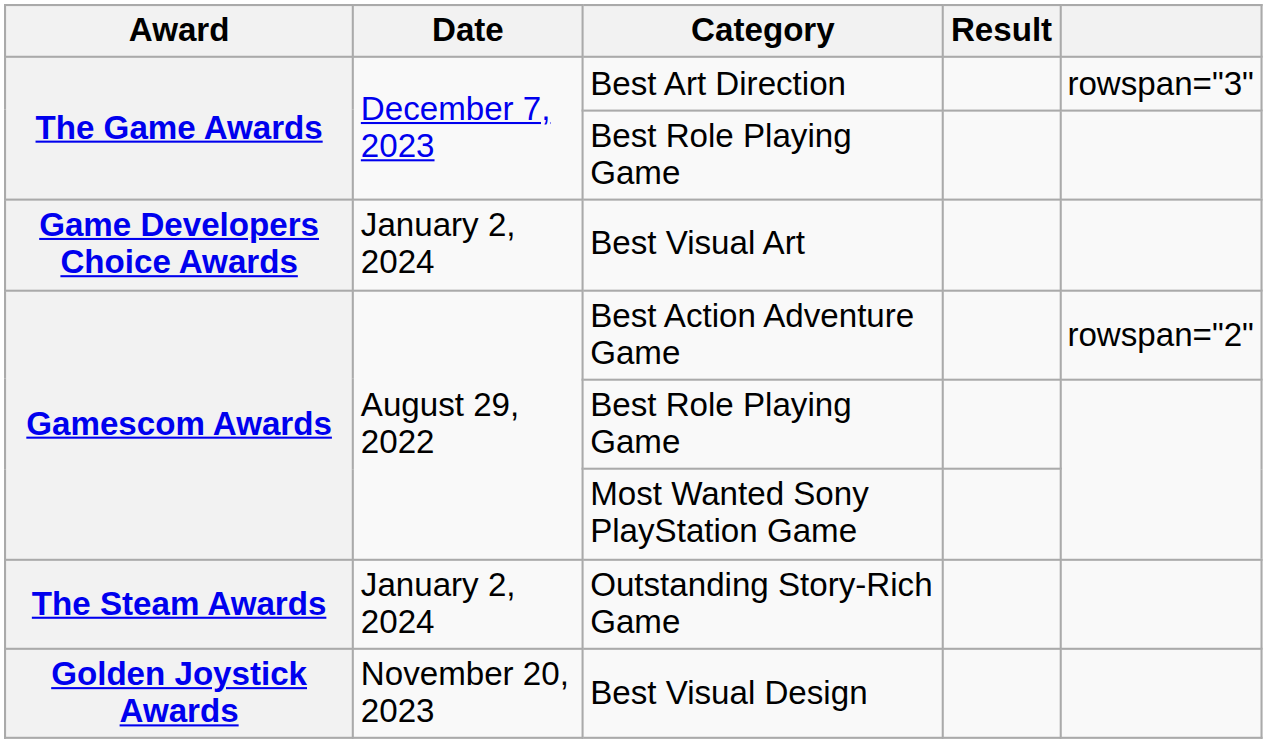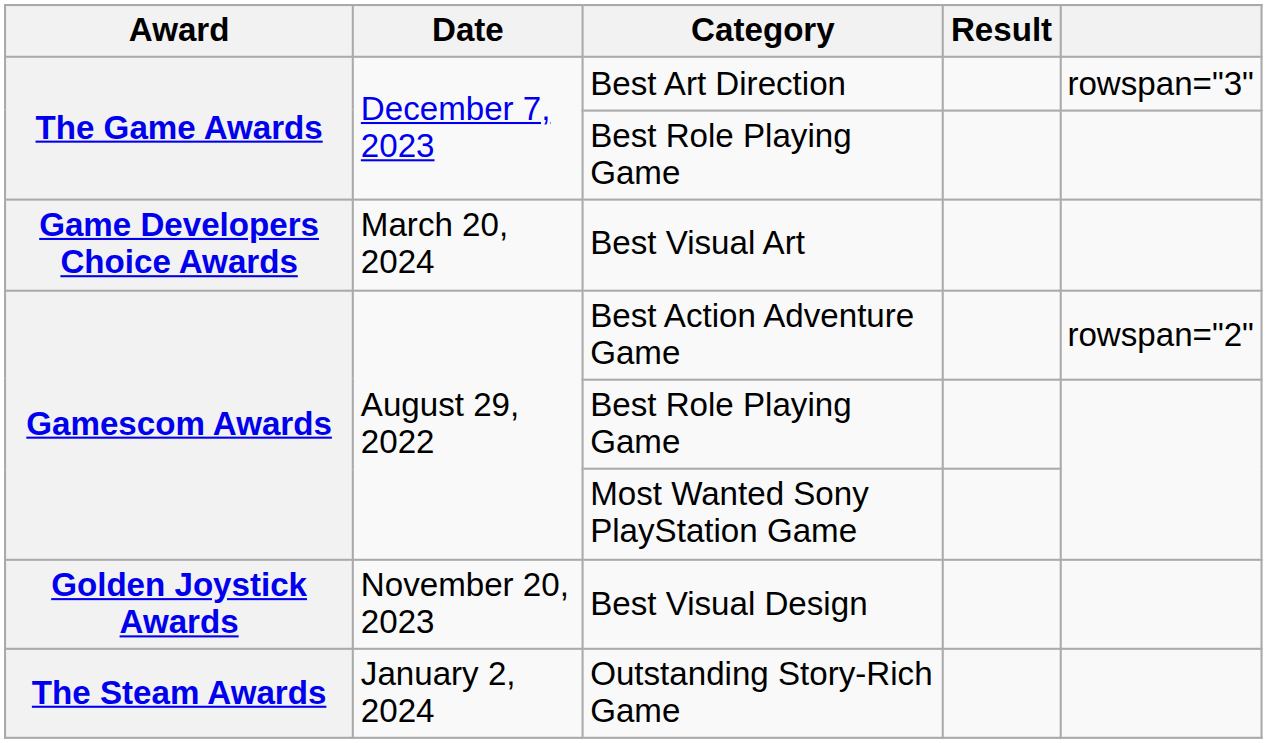 <table class="wikitable sortable plainrowheaders">
 <tr>
 <th scope="col">Award</th>
 <th scope="col">Date</th>
 <th scope="col">Category</th>
 <th scope="col">Result</th>
 <th scope="col" class="unsortable"></th>
 </tr>
 <tr>
 <th scope="row" rowspan="2"><a href='#'>The Game Awards</a></th>
 <td rowspan="2"><a href='#'>December 7, 2023</a></td>
 <td>Best Art Direction</td>
 <td></td>
 <td>rowspan="3" </td>
 </tr>
 <tr>
 <td>Best Role Playing Game</td>
 <td></td>
 </tr>
 <tr>
 <th scope="row"><a href='#'>Game Developers Choice Awards</a></th>
-<td>January 2, 2024</td>
+<td>March 20, 2024</td>
 <td>Best Visual Art</td>
 <td></td>
 <td></td>
 </tr>
 <tr>
 <th scope="row" rowspan="3"><a href='#'>Gamescom Awards</a></th>
 <td rowspan="3">August 29, 2022</td>
 <td>Best Action Adventure Game</td>
 <td></td>
 <td>rowspan="2" </td>
 </tr>
 <tr>
 <td>Best Role Playing Game</td>
 <td></td>
 </tr>
 <tr>
 <td>Most Wanted Sony PlayStation Game</td>
 <td></td>
 </tr>
 <tr>
+<th scope="row"><a href='#'>Golden Joystick Awards</a></th>
+<td>November 20, 2023</td>
+<td>Best Visual Design</td>
+<td></td>
+<td></td>
+</tr>
+<tr>
 <th scope="row"><a href='#'>The Steam Awards</a></th>
 <td>January 2, 2024</td>
 <td>Outstanding Story-Rich Game</td>
 <td></td>
 <td></td>
 </tr>
-<tr>
-<th scope="row"><a href='#'>Golden Joystick Awards</a></th>
-<td>November 20, 2023</td>
-<td>Best Visual Design</td>
-<td></td>
-<td></td>
-</tr>
 </table>
